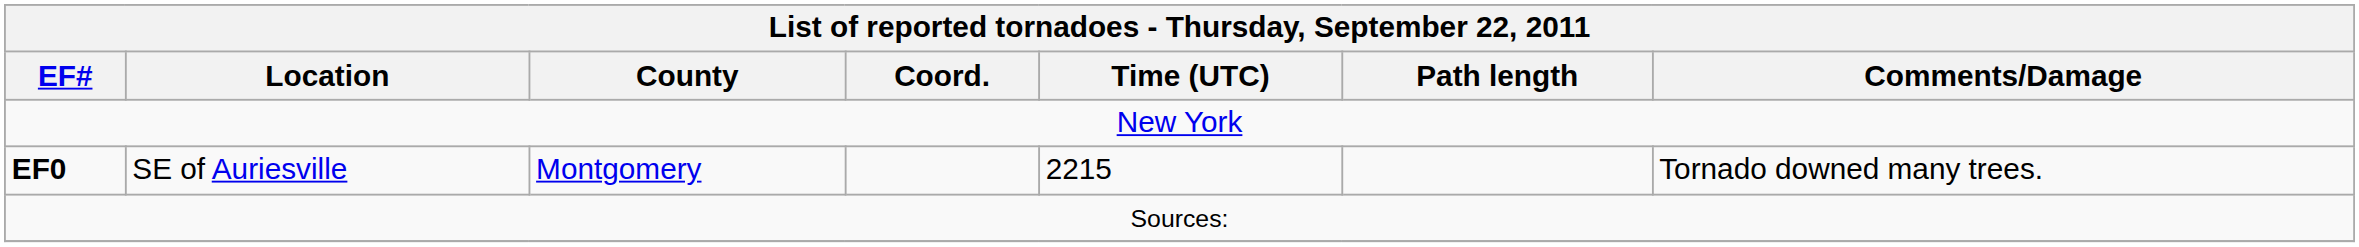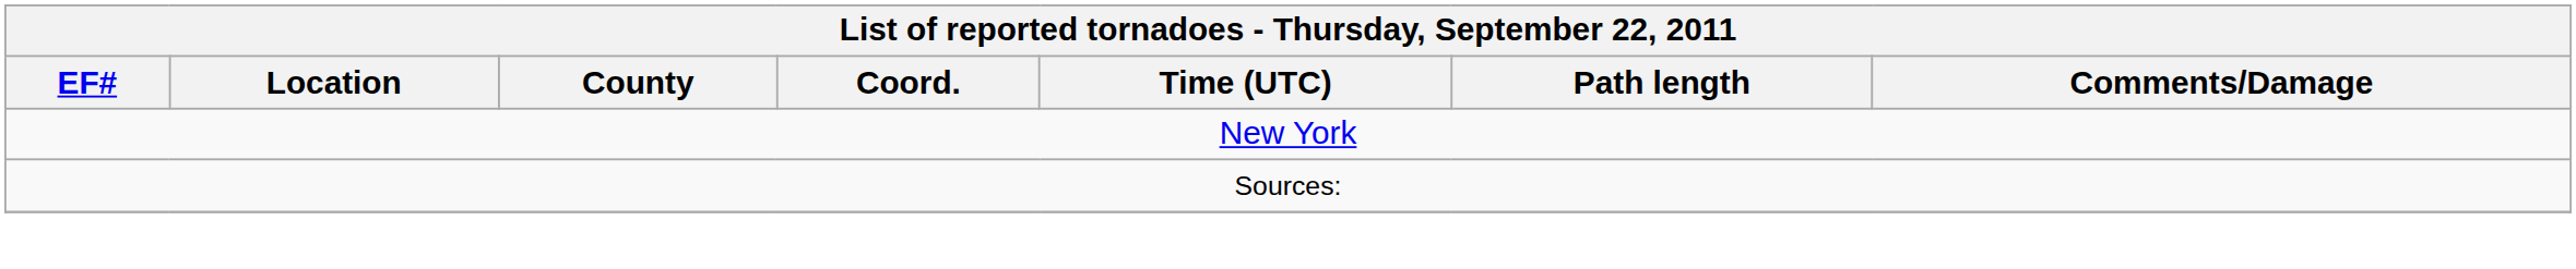 <table class="wikitable collapsible" width="100%">
 <tr>
 <th colspan="7">List of reported tornadoes - Thursday, September 22, 2011</th>
 </tr>
 <tr>
 <th><a href='#'>EF#</a></th>
 <th>Location</th>
 <th>County</th>
 <th>Coord.</th>
 <th>Time (UTC)</th>
 <th>Path length</th>
 <th>Comments/Damage</th>
 </tr>
 <tr>
 <td colspan="7" align=center><a href='#'>New York</a></td>
 </tr>
 <tr>
-<td><strong>EF0</strong></td>
-<td>SE of <a href='#'>Auriesville</a></td>
-<td><a href='#'>Montgomery</a></td>
-<td></td>
-<td>2215</td>
-<td></td>
-<td>Tornado downed many trees.</td>
-</tr>
-<tr>
 <td colspan="7" align=center><small>Sources: </small></td>
 </tr>
 <tr>
 </tr>
 </table>
